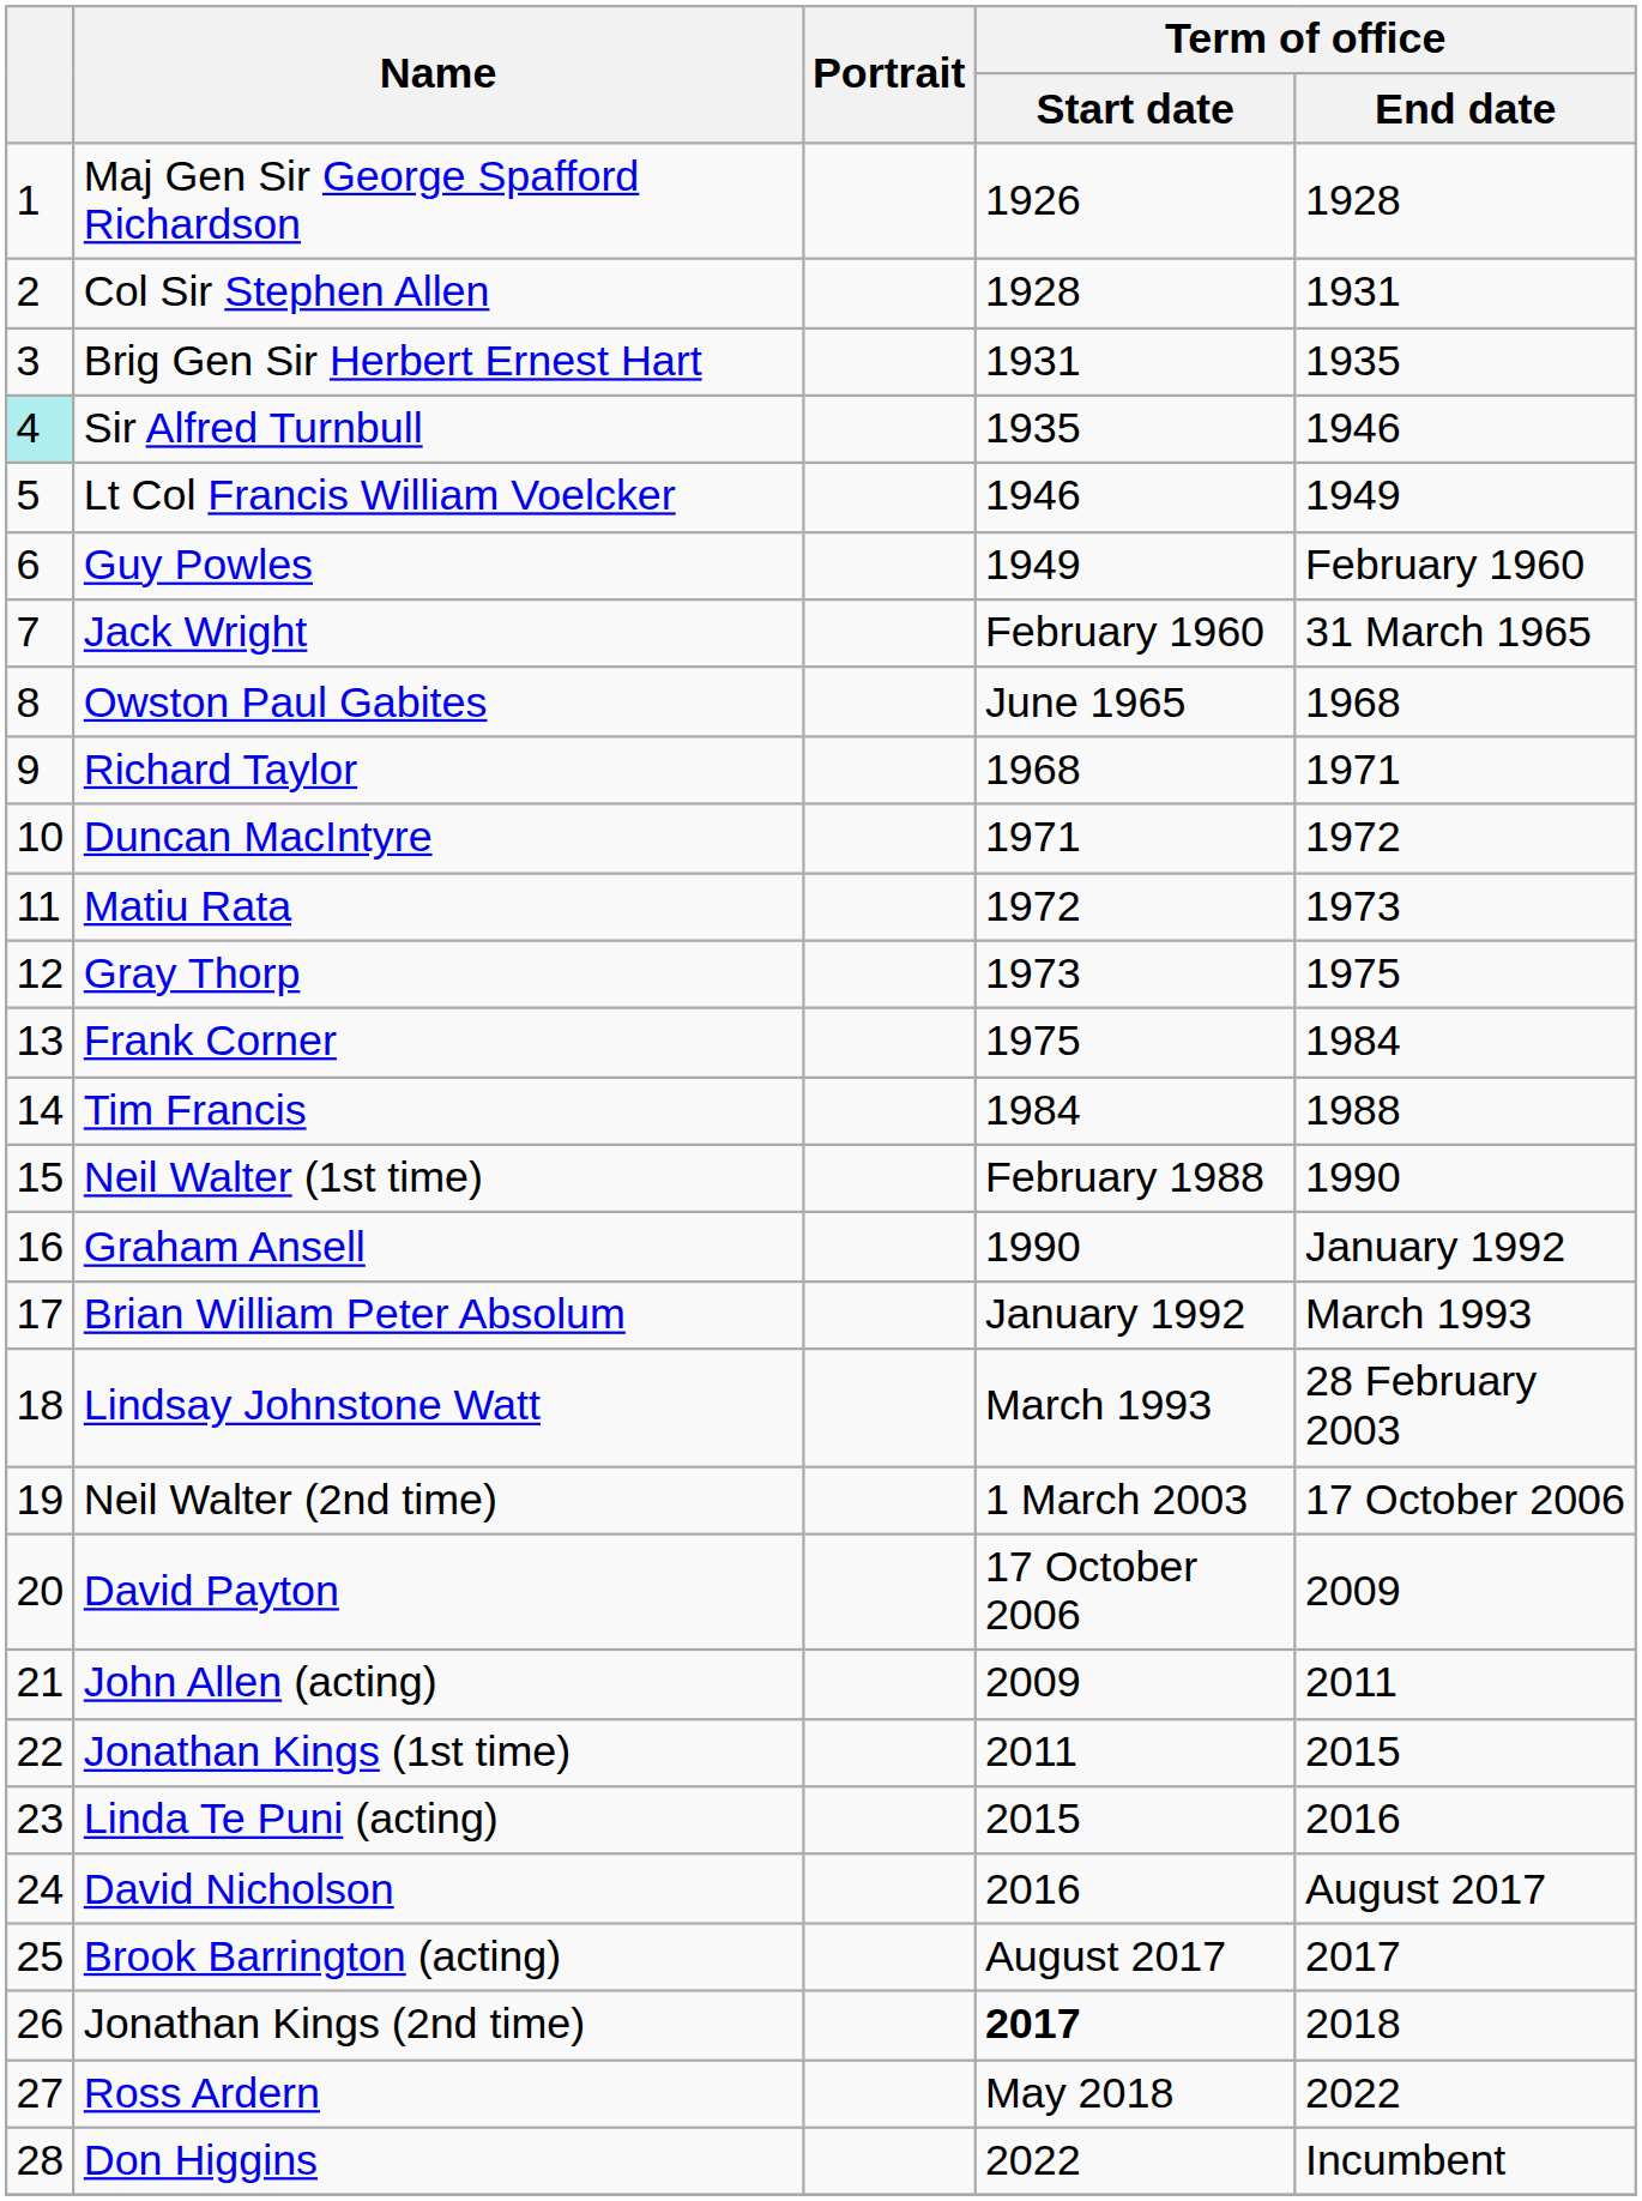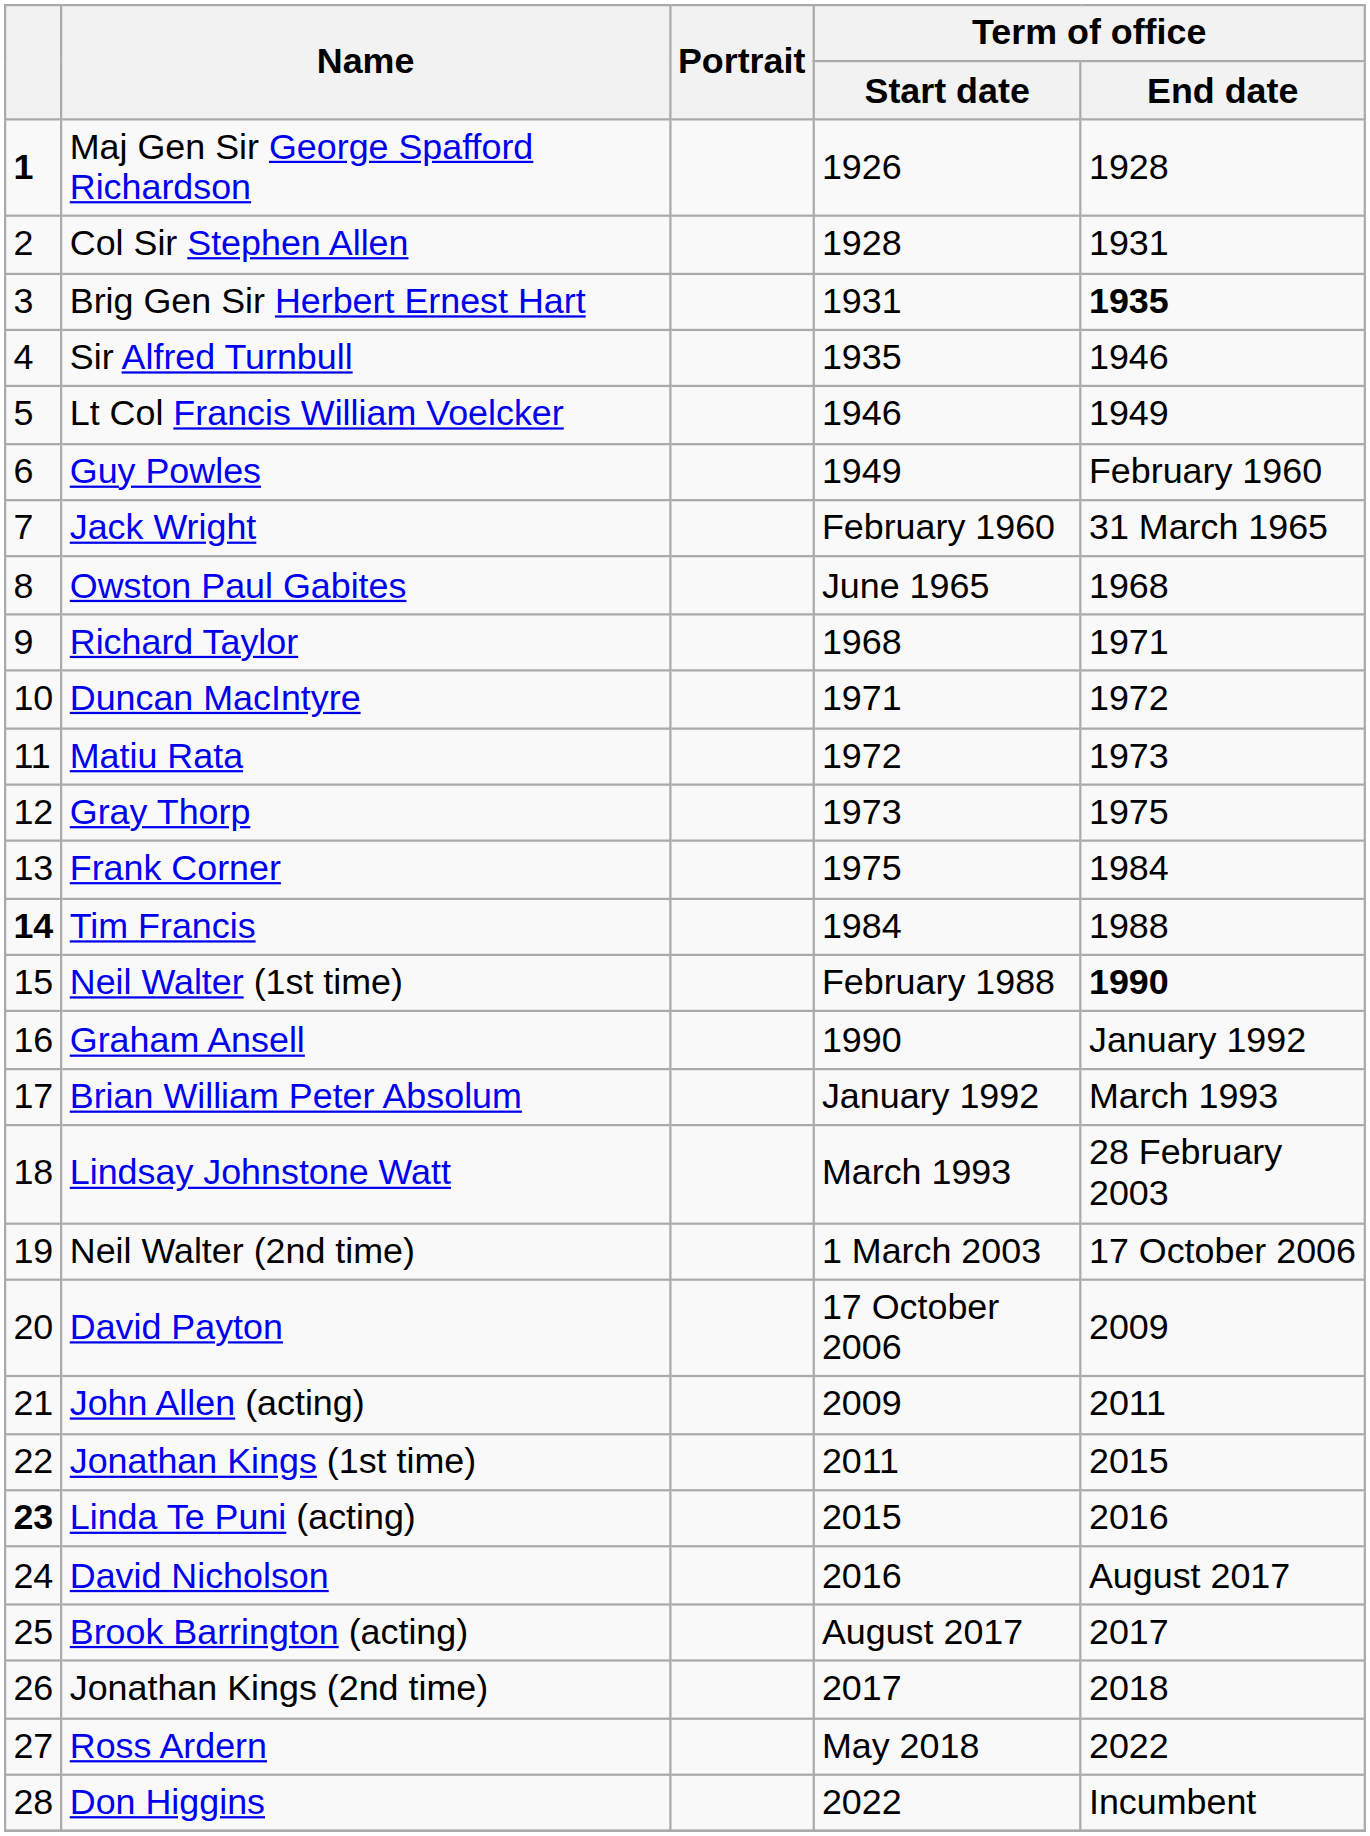 <table class="wikitable"; text-align:center;>
 <tr>
 <th rowspan= 2></th>
 <th rowspan= 2>Name</th>
 <th rowspan= 2>Portrait</th>
 <th colspan=2>Term of office</th>
 </tr>
 <tr>
 <th>Start date</th>
 <th>End date</th>
 </tr>
 <tr>
-<td>1</td>
+<td><strong>1</strong></td>
 <td>Maj Gen Sir <a href='#'>George Spafford Richardson</a></td>
 <td></td>
 <td>1926</td>
 <td>1928</td>
 </tr>
 <tr>
 <td>2</td>
 <td>Col Sir <a href='#'>Stephen Allen</a></td>
 <td></td>
 <td>1928</td>
 <td>1931</td>
 </tr>
 <tr>
 <td>3</td>
 <td>Brig Gen Sir <a href='#'>Herbert Ernest Hart</a></td>
 <td></td>
 <td>1931</td>
-<td>1935</td>
+<td><strong>1935</strong></td>
 </tr>
 <tr>
-<td style="background: paleturquoise;">4</td>
+<td>4</td>
 <td>Sir <a href='#'>Alfred Turnbull</a></td>
 <td></td>
 <td>1935</td>
 <td>1946</td>
 </tr>
 <tr>
 <td>5</td>
 <td>Lt Col <a href='#'>Francis William Voelcker</a></td>
 <td></td>
 <td>1946</td>
 <td>1949</td>
 </tr>
 <tr>
 <td>6</td>
 <td><a href='#'>Guy Powles</a></td>
 <td></td>
 <td>1949</td>
 <td>February 1960</td>
 </tr>
 <tr>
 <td>7</td>
 <td><a href='#'>Jack Wright</a></td>
 <td></td>
 <td>February 1960</td>
 <td>31 March 1965</td>
 </tr>
 <tr>
 <td>8</td>
 <td><a href='#'>Owston Paul Gabites</a></td>
 <td></td>
 <td>June 1965</td>
 <td>1968</td>
 </tr>
 <tr>
 <td>9</td>
 <td><a href='#'>Richard Taylor</a></td>
 <td></td>
 <td>1968</td>
 <td>1971</td>
 </tr>
 <tr>
 <td>10</td>
 <td><a href='#'>Duncan MacIntyre</a></td>
 <td></td>
 <td>1971</td>
 <td>1972</td>
 </tr>
 <tr>
 <td>11</td>
 <td><a href='#'>Matiu Rata</a></td>
 <td></td>
 <td>1972</td>
 <td>1973</td>
 </tr>
 <tr>
 <td>12</td>
 <td><a href='#'>Gray Thorp</a></td>
 <td></td>
 <td>1973</td>
 <td>1975</td>
 </tr>
 <tr>
 <td>13</td>
 <td><a href='#'>Frank Corner</a></td>
 <td></td>
 <td>1975</td>
 <td>1984</td>
 </tr>
 <tr>
-<td>14</td>
+<td><strong>14</strong></td>
 <td><a href='#'>Tim Francis</a></td>
 <td></td>
 <td>1984</td>
 <td>1988</td>
 </tr>
 <tr>
 <td>15</td>
 <td><a href='#'>Neil Walter</a> (1st time)</td>
 <td></td>
 <td>February 1988</td>
-<td>1990</td>
+<td><strong>1990</strong></td>
 </tr>
 <tr>
 <td>16</td>
 <td><a href='#'>Graham Ansell</a></td>
 <td></td>
 <td>1990</td>
 <td>January 1992</td>
 </tr>
 <tr>
 <td>17</td>
 <td><a href='#'>Brian William Peter Absolum</a></td>
 <td></td>
 <td>January 1992</td>
 <td>March 1993</td>
 </tr>
 <tr>
 <td>18</td>
 <td><a href='#'>Lindsay Johnstone Watt</a></td>
 <td></td>
 <td>March 1993</td>
 <td>28 February 2003</td>
 </tr>
 <tr>
 <td>19</td>
 <td>Neil Walter (2nd time)</td>
 <td></td>
 <td>1 March 2003</td>
 <td>17 October 2006</td>
 </tr>
 <tr>
 <td>20</td>
 <td><a href='#'>David Payton</a></td>
 <td></td>
 <td>17 October 2006</td>
 <td>2009</td>
 </tr>
 <tr>
 <td>21</td>
 <td><a href='#'>John Allen</a> (acting)</td>
 <td></td>
 <td>2009</td>
 <td>2011</td>
 </tr>
 <tr>
 <td>22</td>
 <td><a href='#'>Jonathan Kings</a> (1st time)</td>
 <td></td>
 <td>2011</td>
 <td>2015</td>
 </tr>
 <tr>
-<td>23</td>
+<td><strong>23</strong></td>
 <td><a href='#'>Linda Te Puni</a> (acting)</td>
 <td></td>
 <td>2015</td>
 <td>2016</td>
 </tr>
 <tr>
 <td>24</td>
 <td><a href='#'>David Nicholson</a></td>
 <td></td>
 <td>2016</td>
 <td>August 2017</td>
 </tr>
 <tr>
 <td>25</td>
 <td><a href='#'>Brook Barrington</a> (acting)</td>
 <td></td>
 <td>August 2017</td>
 <td>2017</td>
 </tr>
 <tr>
 <td>26</td>
 <td>Jonathan Kings (2nd time)</td>
 <td></td>
-<td><strong>2017</strong></td>
+<td>2017</td>
 <td>2018</td>
 </tr>
 <tr>
 <td>27</td>
 <td><a href='#'>Ross Ardern</a></td>
 <td></td>
 <td>May 2018</td>
 <td>2022</td>
 </tr>
 <tr>
 <td>28</td>
 <td><a href='#'>Don Higgins</a></td>
 <td></td>
 <td>2022</td>
 <td>Incumbent</td>
 </tr>
 <tr>
 </tr>
 </table>
